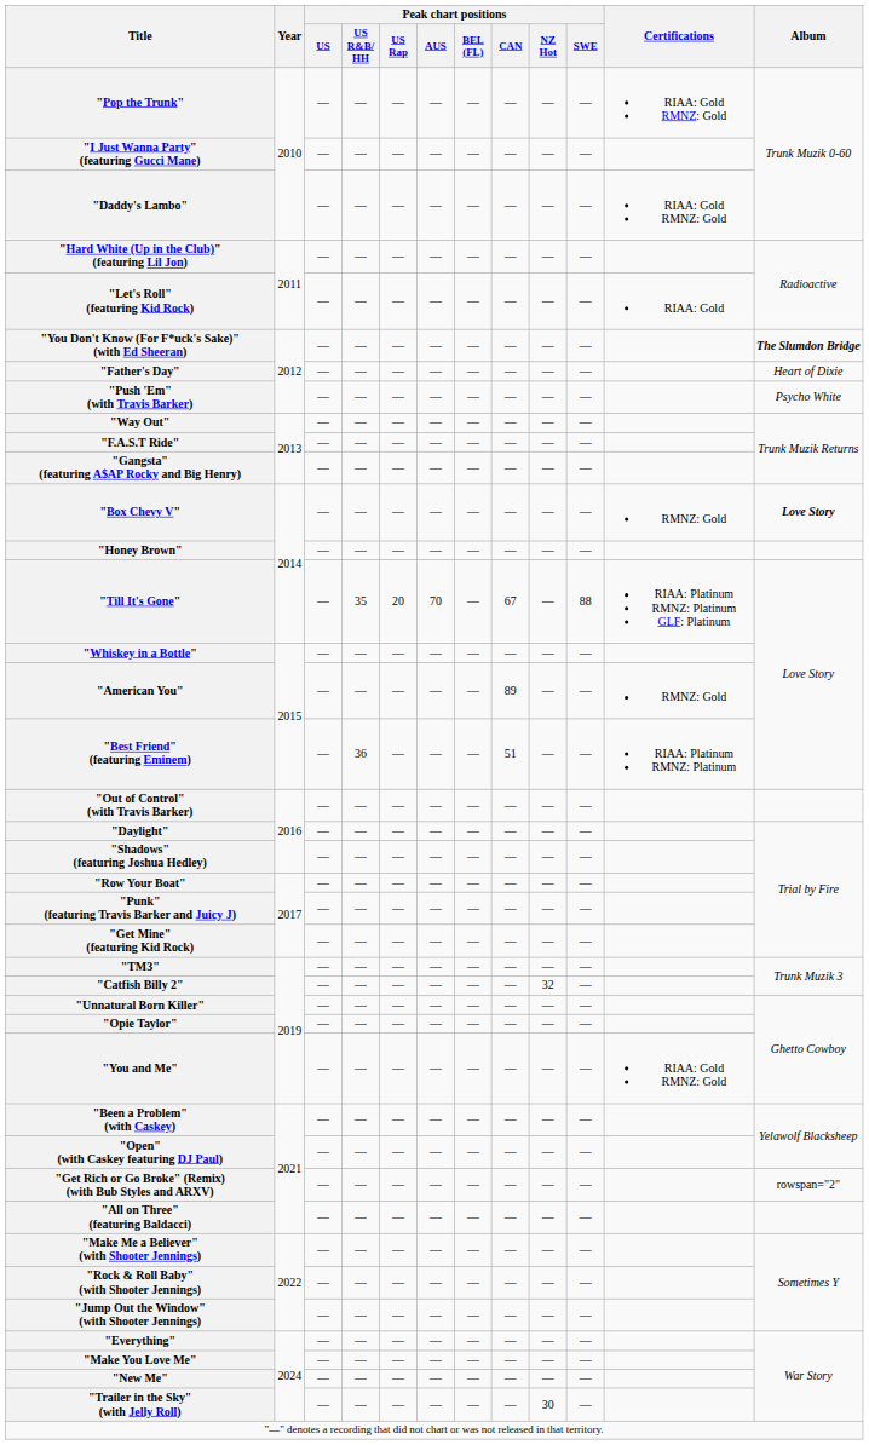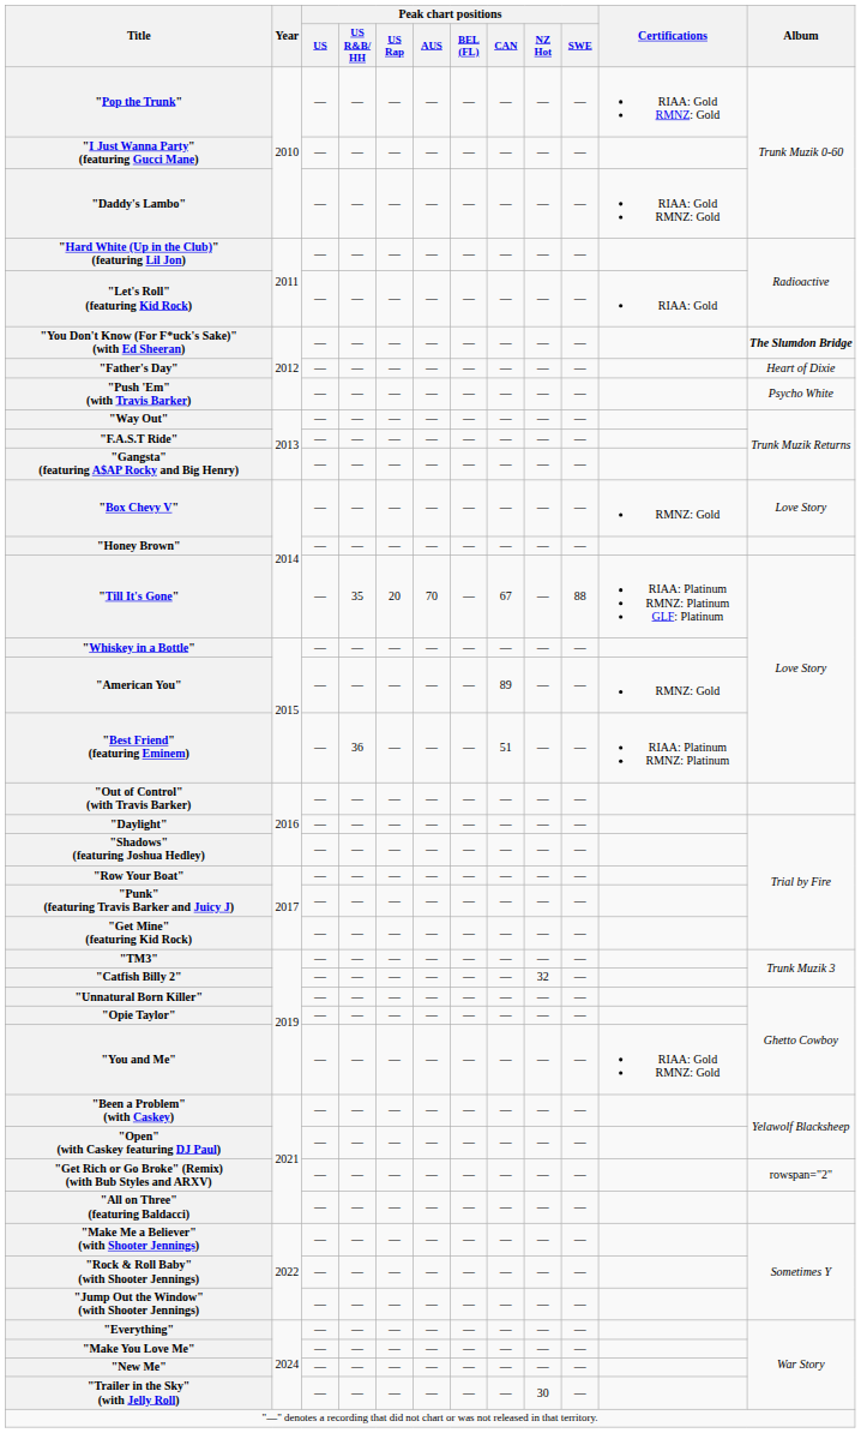 <table class="wikitable plainrowheaders" style="text-align:center;">
 <tr>
 <th scope="col" rowspan="2" style="width:22em;">Title</th>
 <th scope="col" rowspan="2">Year</th>
 <th scope="col" colspan="8">Peak chart positions</th>
 <th scope="col" rowspan="2" style="width:12em;"><a href='#'>Certifications</a></th>
 <th rowspan="2">Album</th>
 </tr>
 <tr>
 <th scope="col" style="width:3em;font-size:90%;"><a href='#'>US</a></th>
 <th scope="col" style="width:3em;font-size:90%;"><a href='#'>US<br>R&B/<br>HH</a><br></th>
 <th scope="col" style="width:3em;font-size:90%;"><a href='#'>US<br>Rap</a><br></th>
 <th scope="col" style="width:3em;font-size:90%;"><a href='#'>AUS</a><br></th>
 <th scope="col" style="width:3em;font-size:90%;"><a href='#'>BEL (FL)</a></th>
 <th scope="col" style="width:3em;font-size:90%;"><a href='#'>CAN</a><br></th>
 <th scope="col" style="width:3em;font-size:90%;"><a href='#'>NZ<br>Hot</a><br></th>
 <th scope="col" style="width:3em;font-size:90%;"><a href='#'>SWE</a></th>
 </tr>
 <tr>
 <th scope="row">"<a href='#'>Pop the Trunk</a>"</th>
 <td rowspan="3">2010</td>
 <td>—</td>
 <td>—</td>
 <td>—</td>
 <td>—</td>
 <td>—</td>
 <td>—</td>
 <td>—</td>
 <td>—</td>
 <td><br><ul><li>RIAA: Gold</li><li><a href='#'>RMNZ</a>: Gold</li></ul></td>
 <td rowspan="3"><em>Trunk Muzik 0-60</em></td>
 </tr>
 <tr>
 <th scope="row">"<a href='#'>I Just Wanna Party</a>"<br><span>(featuring <a href='#'>Gucci Mane</a>)</span></th>
 <td>—</td>
 <td>—</td>
 <td>—</td>
 <td>—</td>
 <td>—</td>
 <td>—</td>
 <td>—</td>
 <td>—</td>
 </tr>
 <tr>
 <th scope="row">"Daddy's Lambo"</th>
 <td>—</td>
 <td>—</td>
 <td>—</td>
 <td>—</td>
 <td>—</td>
 <td>—</td>
 <td>—</td>
 <td>—</td>
 <td><br><ul><li>RIAA: Gold</li><li>RMNZ: Gold</li></ul></td>
 </tr>
 <tr>
 <th scope="row">"<a href='#'>Hard White (Up in the Club)</a>"<br><span>(featuring <a href='#'>Lil Jon</a>)</span></th>
 <td rowspan="2">2011</td>
 <td>—</td>
 <td>—</td>
 <td>—</td>
 <td>—</td>
 <td>—</td>
 <td>—</td>
 <td>—</td>
 <td>—</td>
 <td></td>
 <td rowspan="2"><em>Radioactive</em></td>
 </tr>
 <tr>
 <th scope="row">"Let's Roll"<br><span>(featuring <a href='#'>Kid Rock</a>)</span></th>
 <td>—</td>
 <td>—</td>
 <td>—</td>
 <td>—</td>
 <td>—</td>
 <td>—</td>
 <td>—</td>
 <td>—</td>
 <td><br><ul><li>RIAA: Gold</li></ul></td>
 </tr>
 <tr>
 <th scope="row">"You Don't Know (For F*uck's Sake)"<br><span>(with <a href='#'>Ed Sheeran</a>)</span></th>
 <td rowspan="3">2012</td>
 <td>—</td>
 <td>—</td>
 <td>—</td>
 <td>—</td>
 <td>—</td>
 <td>—</td>
 <td>—</td>
 <td>—</td>
 <td></td>
 <td><strong><em>The Slumdon Bridge</em></strong></td>
 </tr>
 <tr>
 <th scope="row">"Father's Day"</th>
 <td>—</td>
 <td>—</td>
 <td>—</td>
 <td>—</td>
 <td>—</td>
 <td>—</td>
 <td>—</td>
 <td>—</td>
 <td></td>
 <td><em>Heart of Dixie</em></td>
 </tr>
 <tr>
 <th scope="row">"Push 'Em"<br><span>(with <a href='#'>Travis Barker</a>)</span></th>
 <td>—</td>
 <td>—</td>
 <td>—</td>
 <td>—</td>
 <td>—</td>
 <td>—</td>
 <td>—</td>
 <td>—</td>
 <td></td>
 <td><em>Psycho White</em></td>
 </tr>
 <tr>
 <th scope="row">"Way Out"</th>
 <td rowspan="3">2013</td>
 <td>—</td>
 <td>—</td>
 <td>—</td>
 <td>—</td>
 <td>—</td>
 <td>—</td>
 <td>—</td>
 <td>—</td>
 <td></td>
 <td rowspan="3"><em>Trunk Muzik Returns</em></td>
 </tr>
 <tr>
 <th scope="row">"F.A.S.T Ride"</th>
 <td>—</td>
 <td>—</td>
 <td>—</td>
 <td>—</td>
 <td>—</td>
 <td>—</td>
 <td>—</td>
 <td>—</td>
 <td></td>
 </tr>
 <tr>
 <th scope="row">"Gangsta"<br><span>(featuring <a href='#'>A$AP Rocky</a> and Big Henry)</span></th>
 <td>—</td>
 <td>—</td>
 <td>—</td>
 <td>—</td>
 <td>—</td>
 <td>—</td>
 <td>—</td>
 <td>—</td>
 <td></td>
 </tr>
 <tr>
 <th scope="row">"<a href='#'>Box Chevy V</a>"</th>
 <td rowspan="3">2014</td>
 <td>—</td>
 <td>—</td>
 <td>—</td>
 <td>—</td>
 <td>—</td>
 <td>—</td>
 <td>—</td>
 <td>—</td>
 <td><br><ul><li>RMNZ: Gold</li></ul></td>
-<td><strong><em>Love Story</em></strong></td>
+<td><em>Love Story</em></td>
 </tr>
 <tr>
 <th scope="row">"Honey Brown"</th>
 <td>—</td>
 <td>—</td>
 <td>—</td>
 <td>—</td>
 <td>—</td>
 <td>—</td>
 <td>—</td>
 <td>—</td>
 <td></td>
 <td></td>
 </tr>
 <tr>
 <th scope="row">"<a href='#'>Till It's Gone</a>"</th>
 <td>—</td>
 <td>35</td>
 <td>20</td>
 <td>70</td>
 <td>—</td>
 <td>67</td>
 <td>—</td>
 <td>88</td>
 <td><br><ul><li>RIAA: Platinum</li><li>RMNZ: Platinum</li><li><a href='#'>GLF</a>: Platinum</li></ul></td>
 <td rowspan="4"><em>Love Story</em></td>
 </tr>
 <tr>
 <th scope="row">"<a href='#'>Whiskey in a Bottle</a>"</th>
 <td rowspan="3">2015</td>
 <td>—</td>
 <td>—</td>
 <td>—</td>
 <td>—</td>
 <td>—</td>
 <td>—</td>
 <td>—</td>
 <td>—</td>
 <td></td>
 </tr>
 <tr>
 <th scope="row">"American You"</th>
 <td>—</td>
 <td>—</td>
 <td>—</td>
 <td>—</td>
 <td>—</td>
 <td>89</td>
 <td>—</td>
 <td>—</td>
 <td><br><ul><li>RMNZ: Gold</li></ul></td>
 </tr>
 <tr>
 <th scope="row">"<a href='#'>Best Friend</a>"<br><span>(featuring <a href='#'>Eminem</a>)</span></th>
 <td>—</td>
 <td>36</td>
 <td>—</td>
 <td>—</td>
 <td>—</td>
 <td>51</td>
 <td>—</td>
 <td>—</td>
 <td><br><ul><li>RIAA: Platinum</li><li>RMNZ: Platinum</li></ul></td>
 </tr>
 <tr>
 <th scope="row">"Out of Control"<br><span>(with Travis Barker)</span></th>
 <td rowspan="3">2016</td>
 <td>—</td>
 <td>—</td>
 <td>—</td>
 <td>—</td>
 <td>—</td>
 <td>—</td>
 <td>—</td>
 <td>—</td>
 <td></td>
 <td></td>
 </tr>
 <tr>
 <th scope="row">"Daylight"</th>
 <td>—</td>
 <td>—</td>
 <td>—</td>
 <td>—</td>
 <td>—</td>
 <td>—</td>
 <td>—</td>
 <td>—</td>
 <td></td>
 <td rowspan="5"><em>Trial by Fire</em></td>
 </tr>
 <tr>
 <th scope="row">"Shadows"<br><span>(featuring Joshua Hedley)</span></th>
 <td>—</td>
 <td>—</td>
 <td>—</td>
 <td>—</td>
 <td>—</td>
 <td>—</td>
 <td>—</td>
 <td>—</td>
 <td></td>
 </tr>
 <tr>
 <th scope="row">"Row Your Boat"</th>
 <td rowspan="3">2017</td>
 <td>—</td>
 <td>—</td>
 <td>—</td>
 <td>—</td>
 <td>—</td>
 <td>—</td>
 <td>—</td>
 <td>—</td>
 <td></td>
 </tr>
 <tr>
 <th scope="row">"Punk"<br><span>(featuring Travis Barker and <a href='#'>Juicy J</a>)</span></th>
 <td>—</td>
 <td>—</td>
 <td>—</td>
 <td>—</td>
 <td>—</td>
 <td>—</td>
 <td>—</td>
 <td>—</td>
 <td></td>
 </tr>
 <tr>
 <th scope="row">"Get Mine"<br><span>(featuring Kid Rock)</span></th>
 <td>—</td>
 <td>—</td>
 <td>—</td>
 <td>—</td>
 <td>—</td>
 <td>—</td>
 <td>—</td>
 <td>—</td>
 <td></td>
 </tr>
 <tr>
 <th scope="row">"TM3"<br><span></span></th>
 <td rowspan="5">2019</td>
 <td>—</td>
 <td>—</td>
 <td>—</td>
 <td>—</td>
 <td>—</td>
 <td>—</td>
 <td>—</td>
 <td>—</td>
 <td></td>
 <td rowspan="2"><em>Trunk Muzik 3</em></td>
 </tr>
 <tr>
 <th scope="row">"Catfish Billy 2"<br><span></span></th>
 <td>—</td>
 <td>—</td>
 <td>—</td>
 <td>—</td>
 <td>—</td>
 <td>—</td>
 <td>32</td>
 <td>—</td>
 <td></td>
 </tr>
 <tr>
 <th scope="row">"Unnatural Born Killer"<br></th>
 <td>—</td>
 <td>—</td>
 <td>—</td>
 <td>—</td>
 <td>—</td>
 <td>—</td>
 <td>—</td>
 <td>—</td>
 <td></td>
 <td rowspan="3"><em>Ghetto Cowboy</em></td>
 </tr>
 <tr>
 <th scope="row">"Opie Taylor"<br><span></span></th>
 <td>—</td>
 <td>—</td>
 <td>—</td>
 <td>—</td>
 <td>—</td>
 <td>—</td>
 <td>—</td>
 <td>—</td>
 <td></td>
 </tr>
 <tr>
 <th scope="row">"You and Me"<br><span></span></th>
 <td>—</td>
 <td>—</td>
 <td>—</td>
 <td>—</td>
 <td>—</td>
 <td>—</td>
 <td>—</td>
 <td>—</td>
 <td><br><ul><li>RIAA: Gold</li><li>RMNZ: Gold</li></ul></td>
 </tr>
 <tr>
 <th scope="row">"Been a Problem"<br><span>(with <a href='#'>Caskey</a>)</span></th>
 <td rowspan="4">2021</td>
 <td>—</td>
 <td>—</td>
 <td>—</td>
 <td>—</td>
 <td>—</td>
 <td>—</td>
 <td>—</td>
 <td>—</td>
 <td></td>
 <td rowspan="2"><em>Yelawolf Blacksheep</em></td>
 </tr>
 <tr>
 <th scope="row">"Open"<br><span>(with Caskey featuring <a href='#'>DJ Paul</a>)</span></th>
 <td>—</td>
 <td>—</td>
 <td>—</td>
 <td>—</td>
 <td>—</td>
 <td>—</td>
 <td>—</td>
 <td>—</td>
 <td></td>
 </tr>
 <tr>
 <th scope="row">"Get Rich or Go Broke" (Remix)<br><span>(with Bub Styles and ARXV)</span></th>
 <td>—</td>
 <td>—</td>
 <td>—</td>
 <td>—</td>
 <td>—</td>
 <td>—</td>
 <td>—</td>
 <td>—</td>
 <td></td>
 <td>rowspan="2" </td>
 </tr>
 <tr>
 <th scope="row">"All on Three"<br><span>(featuring Baldacci)</span></th>
 <td>—</td>
 <td>—</td>
 <td>—</td>
 <td>—</td>
 <td>—</td>
 <td>—</td>
 <td>—</td>
 <td>—</td>
 <td></td>
 </tr>
 <tr>
 <th scope="row">"Make Me a Believer"<br><span>(with <a href='#'>Shooter Jennings</a>)</span></th>
 <td rowspan="3">2022</td>
 <td>—</td>
 <td>—</td>
 <td>—</td>
 <td>—</td>
 <td>—</td>
 <td>—</td>
 <td>—</td>
 <td>—</td>
 <td></td>
 <td rowspan="3"><em>Sometimes Y</em></td>
 </tr>
 <tr>
 <th scope="row">"Rock & Roll Baby"<br><span>(with Shooter Jennings)</span></th>
 <td>—</td>
 <td>—</td>
 <td>—</td>
 <td>—</td>
 <td>—</td>
 <td>—</td>
 <td>—</td>
 <td>—</td>
 <td></td>
 </tr>
 <tr>
 <th scope="row">"Jump Out the Window"<br><span>(with Shooter Jennings)</span></th>
 <td>—</td>
 <td>—</td>
 <td>—</td>
 <td>—</td>
 <td>—</td>
 <td>—</td>
 <td>—</td>
 <td>—</td>
 <td></td>
 </tr>
 <tr>
 <th scope="row">"Everything"</th>
 <td rowspan="4">2024</td>
 <td>—</td>
 <td>—</td>
 <td>—</td>
 <td>—</td>
 <td>—</td>
 <td>—</td>
 <td>—</td>
 <td>—</td>
 <td></td>
 <td rowspan="4"><em>War Story</em></td>
 </tr>
 <tr>
 <th scope="row">"Make You Love Me"</th>
 <td>—</td>
 <td>—</td>
 <td>—</td>
 <td>—</td>
 <td>—</td>
 <td>—</td>
 <td>—</td>
 <td>—</td>
 <td></td>
 </tr>
 <tr>
 <th scope="row">"New Me"</th>
 <td>—</td>
 <td>—</td>
 <td>—</td>
 <td>—</td>
 <td>—</td>
 <td>—</td>
 <td>—</td>
 <td>—</td>
 <td></td>
 </tr>
 <tr>
 <th scope="row">"Trailer in the Sky"<br><span>(with <a href='#'>Jelly Roll</a>)</span></th>
 <td>—</td>
 <td>—</td>
 <td>—</td>
 <td>—</td>
 <td>—</td>
 <td>—</td>
 <td>30</td>
 <td>—</td>
 <td></td>
 </tr>
 <tr>
 <td colspan="12" style="font-size:90%">"—" denotes a recording that did not chart or was not released in that territory.</td>
 </tr>
 </table>
